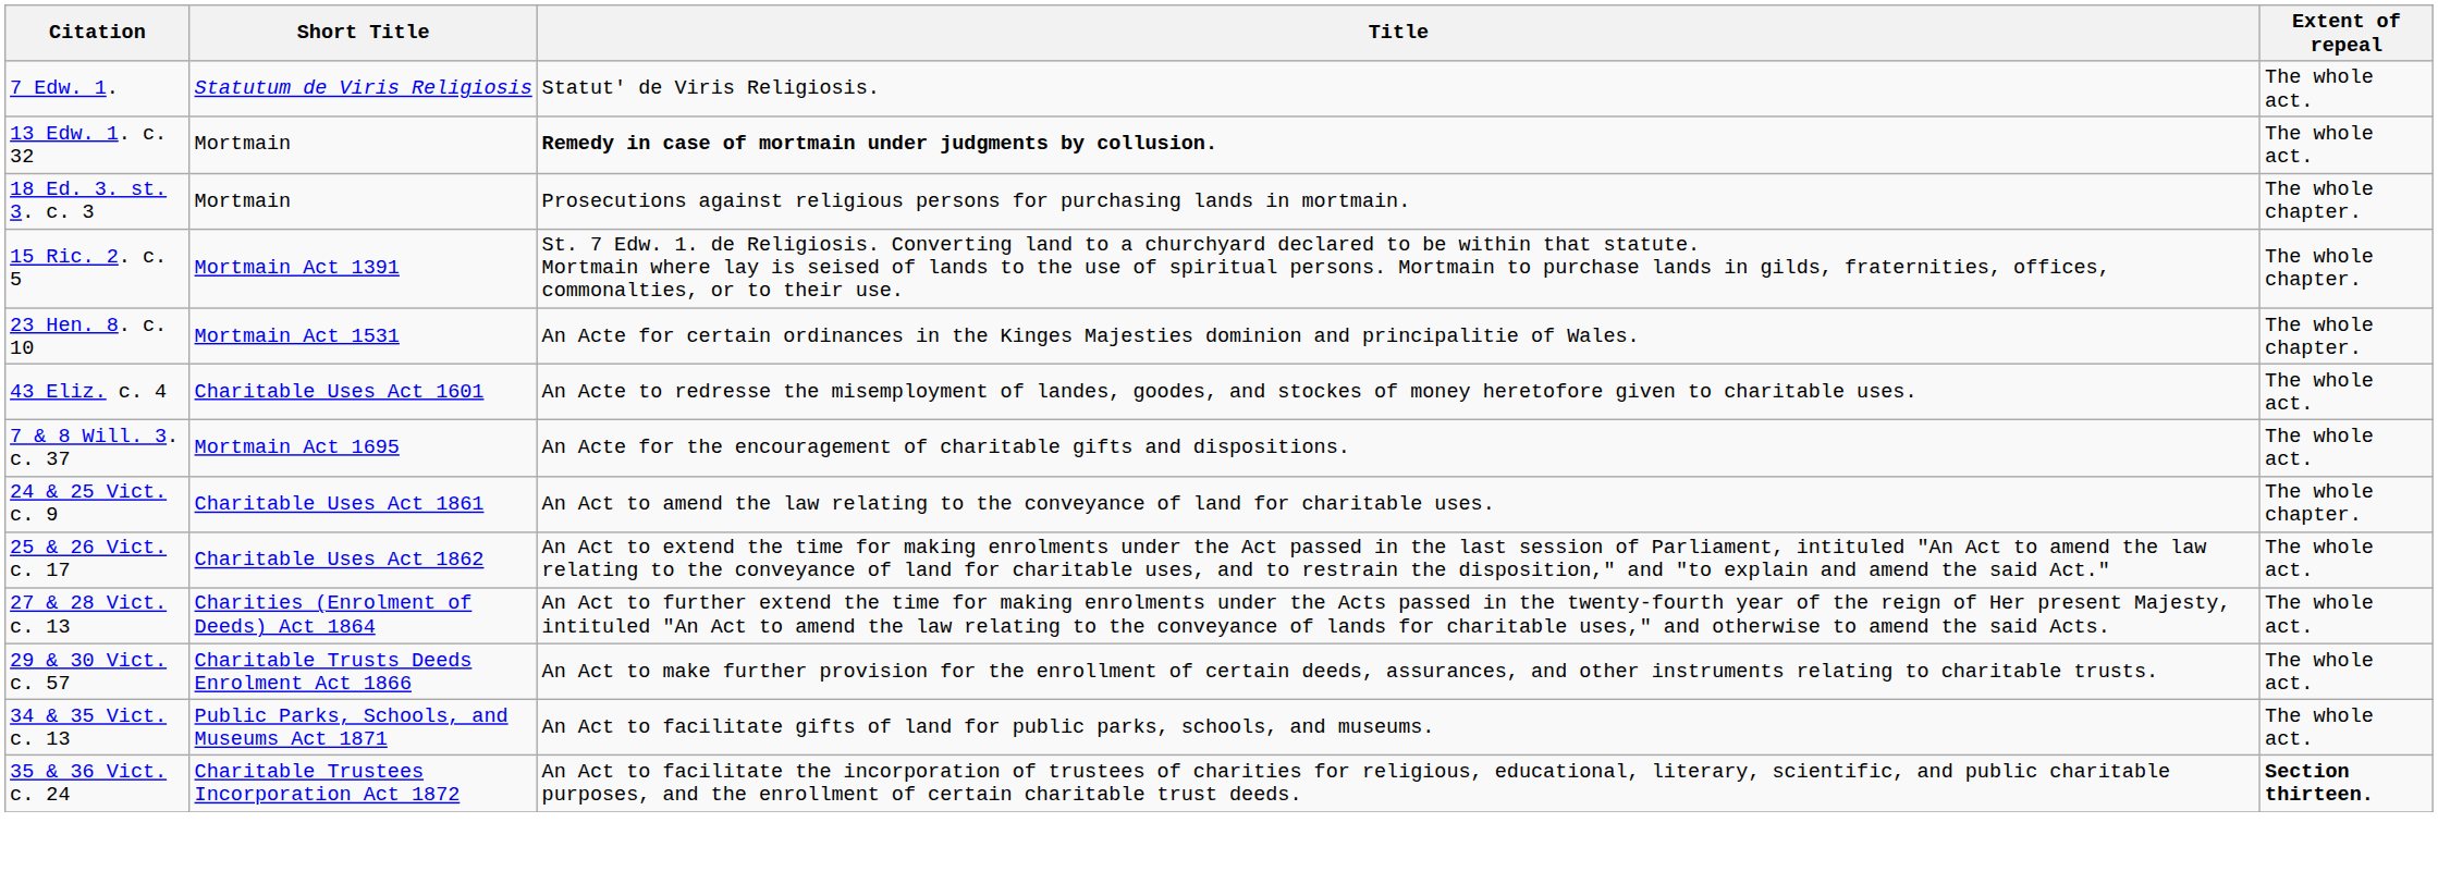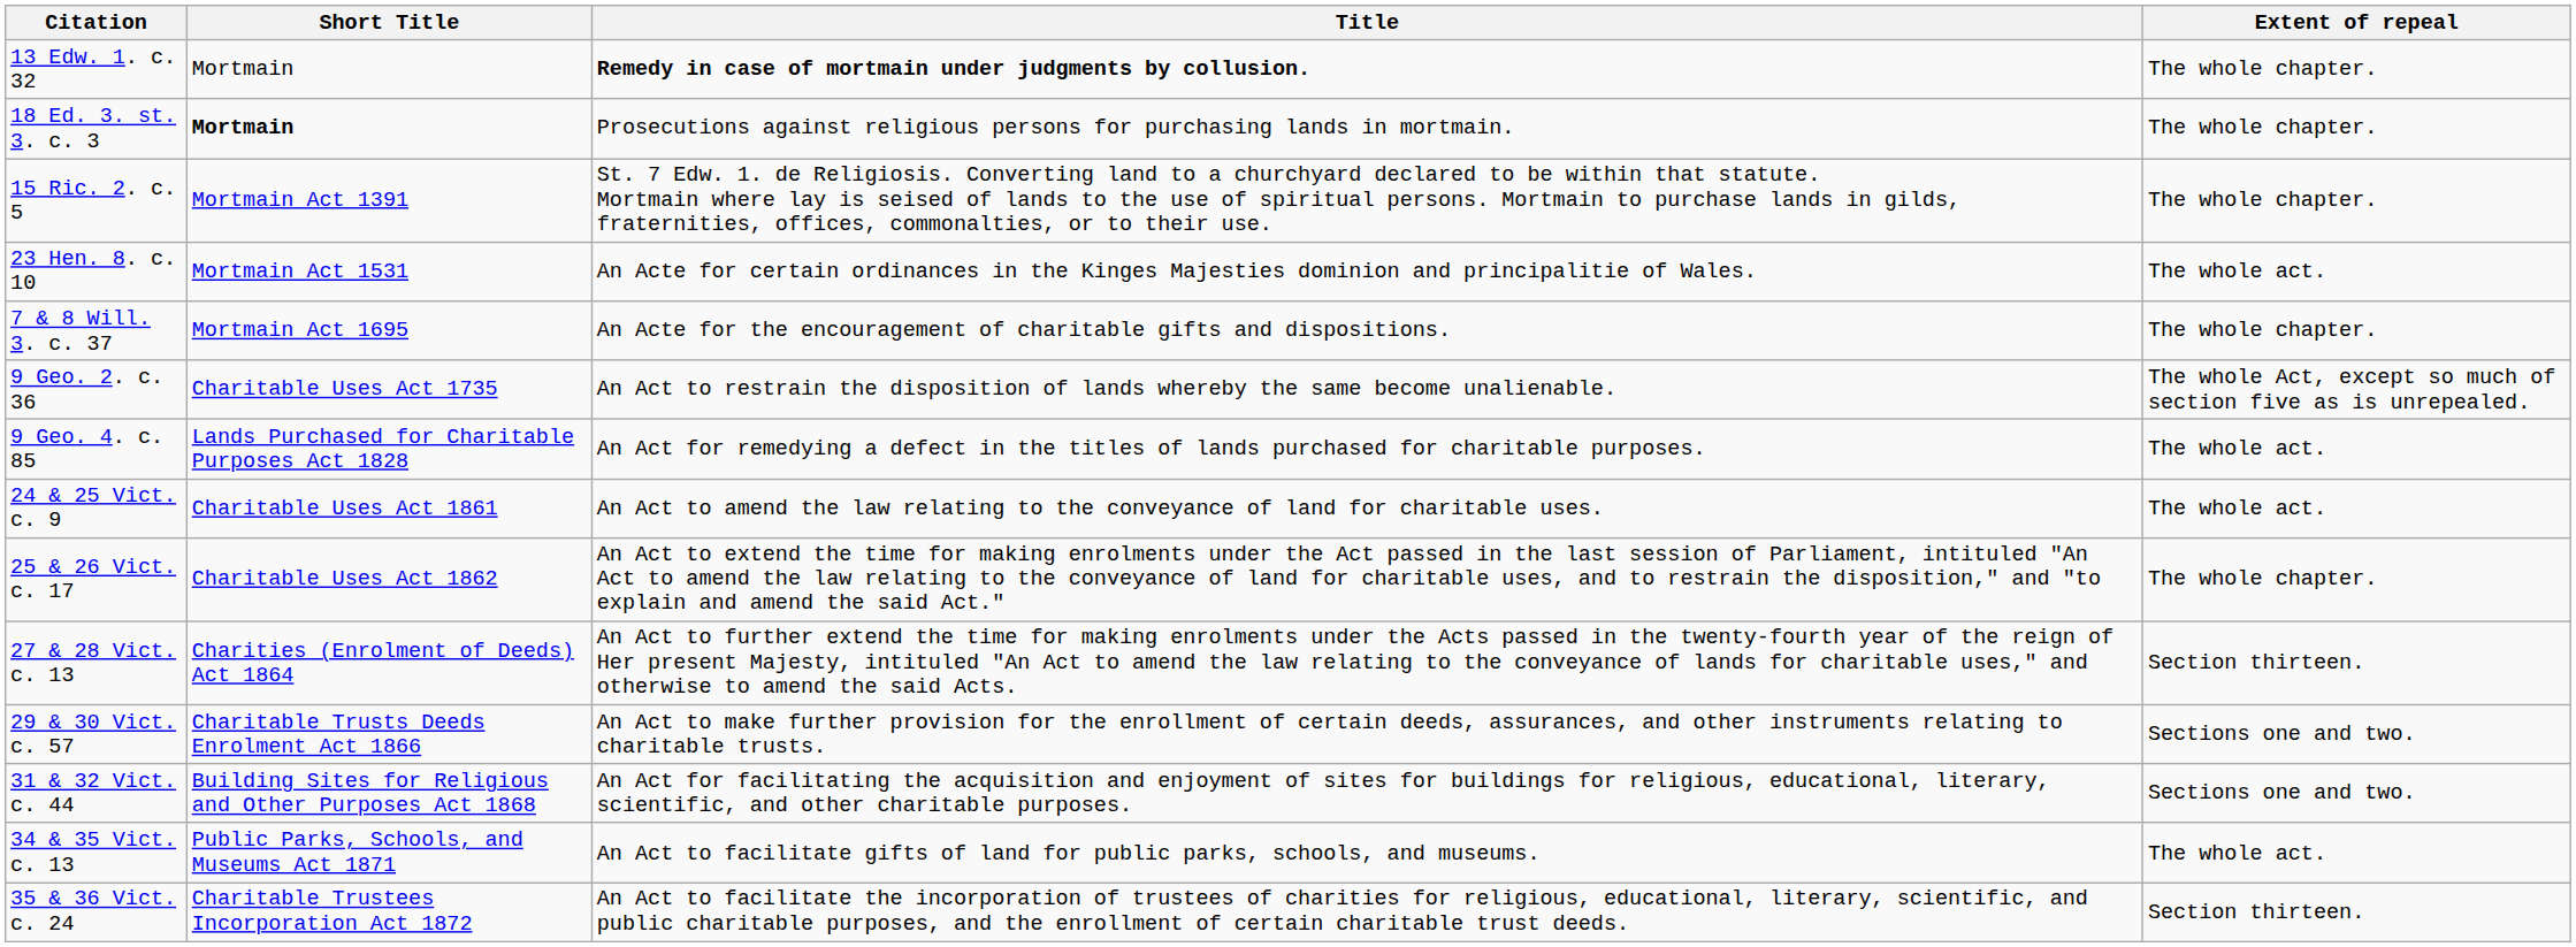 <table class="wikitable">
 <tr>
 <th>Citation</th>
 <th>Short Title</th>
 <th>Title</th>
 <th>Extent of repeal</th>
 </tr>
 <tr>
-<td><a href='#'>7 Edw. 1</a>.</td>
-<td><em><a href='#'>Statutum de Viris Religiosis</a></em></td>
-<td>Statut' de Viris Religiosis.</td>
-<td>The whole act.</td>
-</tr>
-<tr>
 <td><a href='#'>13 Edw. 1</a>. c. 32</td>
 <td>Mortmain</td>
 <td><strong>Remedy in case of mortmain under judgments by collusion.</strong></td>
-<td>The whole act.</td>
+<td>The whole chapter.</td>
 </tr>
 <tr>
 <td><a href='#'>18 Ed. 3. st. 3</a>. c. 3</td>
-<td>Mortmain</td>
+<td><strong>Mortmain</strong></td>
 <td>Prosecutions against religious persons for purchasing lands in mortmain.</td>
 <td>The whole chapter.</td>
 </tr>
 <tr>
 <td><a href='#'>15 Ric. 2</a>. c. 5</td>
 <td><a href='#'>Mortmain Act 1391</a></td>
 <td>St. 7 Edw. 1. de Religiosis. Converting land to a churchyard declared to be within that statute.<br>Mortmain where lay is seised of lands to the use of spiritual persons. Mortmain to purchase lands in gilds, fraternities, offices, commonalties, or to their use.</td>
 <td>The whole chapter.</td>
 </tr>
 <tr>
 <td><a href='#'>23 Hen. 8</a>. c. 10</td>
 <td><a href='#'>Mortmain Act 1531</a></td>
 <td>An Acte for certain ordinances in the Kinges Majesties dominion and principalitie of Wales.</td>
-<td>The whole chapter.</td>
-</tr>
-<tr>
-<td><a href='#'>43 Eliz.</a> c. 4</td>
-<td><a href='#'>Charitable Uses Act 1601</a></td>
-<td>An Acte to redresse the misemployment of landes, goodes, and stockes of money heretofore given to charitable uses.</td>
 <td>The whole act.</td>
 </tr>
 <tr>
 <td><a href='#'>7 & 8 Will. 3</a>. c. 37</td>
 <td><a href='#'>Mortmain Act 1695</a></td>
 <td>An Acte for the encouragement of charitable gifts and dispositions.</td>
+<td>The whole chapter.</td>
+</tr>
+<tr>
+<td><a href='#'>9 Geo. 2</a>. c. 36</td>
+<td><a href='#'>Charitable Uses Act 1735</a></td>
+<td>An Act to restrain the disposition of lands whereby the same become unalienable.</td>
+<td>The whole Act, except so much of section five as is unrepealed.</td>
+</tr>
+<tr>
+<td><a href='#'>9 Geo. 4</a>. c. 85</td>
+<td><a href='#'>Lands Purchased for Charitable Purposes Act 1828</a></td>
+<td>An Act for remedying a defect in the titles of lands purchased for charitable purposes.</td>
 <td>The whole act.</td>
 </tr>
 <tr>
 <td><a href='#'>24 & 25 Vict.</a> c. 9</td>
 <td><a href='#'>Charitable Uses Act 1861</a></td>
 <td>An Act to amend the law relating to the conveyance of land for charitable uses.</td>
-<td>The whole chapter.</td>
+<td>The whole act.</td>
 </tr>
 <tr>
 <td><a href='#'>25 & 26 Vict.</a> c. 17</td>
 <td><a href='#'>Charitable Uses Act 1862</a></td>
 <td>An Act to extend the time for making enrolments under the Act passed in the last session of Parliament, intituled "An Act to amend the law relating to the conveyance of land for charitable uses, and to restrain the disposition," and "to explain and amend the said Act."</td>
-<td>The whole act.</td>
+<td>The whole chapter.</td>
 </tr>
 <tr>
 <td><a href='#'>27 & 28 Vict.</a> c. 13</td>
 <td><a href='#'>Charities (Enrolment of Deeds) Act 1864</a></td>
 <td>An Act to further extend the time for making enrolments under the Acts passed in the twenty-fourth year of the reign of Her present Majesty, intituled "An Act to amend the law relating to the conveyance of lands for charitable uses," and otherwise to amend the said Acts.</td>
-<td>The whole act.</td>
+<td>Section thirteen.</td>
 </tr>
 <tr>
 <td><a href='#'>29 & 30 Vict.</a> c. 57</td>
 <td><a href='#'>Charitable Trusts Deeds Enrolment Act 1866</a></td>
 <td>An Act to make further provision for the enrollment of certain deeds, assurances, and other instruments relating to charitable trusts.</td>
-<td>The whole act.</td>
+<td>Sections one and two.</td>
+</tr>
+<tr>
+<td><a href='#'>31 & 32 Vict.</a> c. 44</td>
+<td><a href='#'>Building Sites for Religious and Other Purposes Act 1868</a></td>
+<td>An Act for facilitating the acquisition and enjoyment of sites for buildings for religious, educational, literary, scientific, and other charitable purposes.</td>
+<td>Sections one and two.</td>
 </tr>
 <tr>
 <td><a href='#'>34 & 35 Vict.</a> c. 13</td>
 <td><a href='#'>Public Parks, Schools, and Museums Act 1871</a></td>
 <td>An Act to facilitate gifts of land for public parks, schools, and museums.</td>
 <td>The whole act.</td>
 </tr>
 <tr>
 <td><a href='#'>35 & 36 Vict.</a> c. 24</td>
 <td><a href='#'>Charitable Trustees Incorporation Act 1872</a></td>
 <td>An Act to facilitate the incorporation of trustees of charities for religious, educational, literary, scientific, and public charitable purposes, and the enrollment of certain charitable trust deeds.</td>
-<td><strong>Section thirteen.</strong></td>
+<td>Section thirteen.</td>
 </tr>
 </table>
